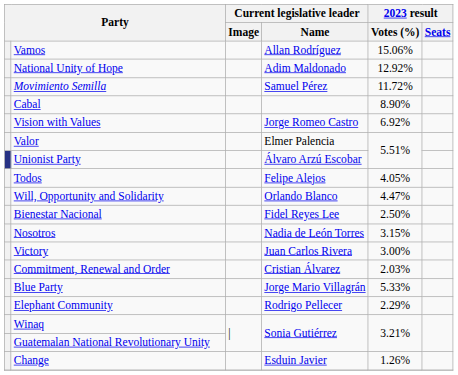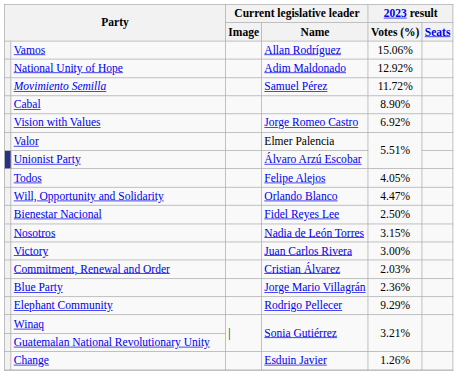 <table class="wikitable sortable">
 <tr>
 <th rowspan=2 colspan=2 width=300px>Party</th>
 <th colspan=2>Current legislative leader</th>
 <th colspan=2><a href='#'>2023</a> result</th>
 </tr>
 <tr>
 <th>Image</th>
 <th>Name</th>
 <th>Votes (%)</th>
 <th><a href='#'>Seats</a></th>
 </tr>
 <tr>
 <th style="background:"></th>
 <td><a href='#'>Vamos</a></td>
 <td></td>
 <td><a href='#'>Allan Rodríguez</a></td>
 <td align=center>15.06%</td>
 <td></td>
 </tr>
 <tr>
 <th style="background:"></th>
 <td><a href='#'>National Unity of Hope</a></td>
 <td></td>
 <td><a href='#'>Adim Maldonado</a></td>
 <td align=center>12.92%</td>
 <td></td>
 </tr>
 <tr>
 <th style="background:"></th>
 <td><em><a href='#'>Movimiento Semilla</a></em></td>
 <td></td>
 <td><a href='#'>Samuel Pérez</a></td>
 <td align=center>11.72%</td>
 <td></td>
 </tr>
 <tr>
 <th style="background:"></th>
 <td><a href='#'>Cabal</a></td>
 <td></td>
 <td></td>
 <td align=center>8.90%</td>
 <td></td>
 </tr>
 <tr>
 <th style="background:"></th>
 <td><a href='#'>Vision with Values</a></td>
 <td></td>
 <td><a href='#'>Jorge Romeo Castro</a></td>
 <td align=center>6.92%</td>
 <td></td>
 </tr>
 <tr>
 <th style="background:"></th>
 <td><a href='#'>Valor</a></td>
 <td></td>
 <td>Elmer Palencia</td>
 <td rowspan=2 align=center>5.51%</td>
 <td></td>
 </tr>
 <tr>
 <th style="background:#273284; width:2px;"></th>
 <td><a href='#'>Unionist Party</a></td>
 <td></td>
 <td><a href='#'>Álvaro Arzú Escobar</a></td>
 <td></td>
 </tr>
 <tr>
 <th style="background:"></th>
 <td><a href='#'>Todos</a></td>
 <td></td>
 <td><a href='#'>Felipe Alejos</a></td>
 <td align=center>4.05%</td>
 <td></td>
 </tr>
 <tr>
 <th style="background:"></th>
 <td><a href='#'>Will, Opportunity and Solidarity</a></td>
 <td></td>
 <td><a href='#'>Orlando Blanco</a></td>
 <td align=center>4.47%</td>
 <td></td>
 </tr>
 <tr>
 <th style="background:"></th>
 <td><a href='#'>Bienestar Nacional</a></td>
 <td></td>
 <td><a href='#'>Fidel Reyes Lee</a></td>
 <td align=center>2.50%</td>
 <td></td>
 </tr>
 <tr>
 <th style="background:"></th>
 <td><a href='#'>Nosotros</a></td>
 <td></td>
 <td><a href='#'>Nadia de León Torres</a></td>
 <td align=center>3.15%</td>
 <td></td>
 </tr>
 <tr>
 <th style="background:"></th>
 <td><a href='#'>Victory</a></td>
 <td></td>
 <td><a href='#'>Juan Carlos Rivera</a></td>
 <td align=center>3.00%</td>
 <td></td>
 </tr>
 <tr>
 <th style="background:"></th>
 <td><a href='#'>Commitment, Renewal and Order</a></td>
 <td></td>
 <td><a href='#'>Cristian Álvarez</a></td>
 <td align=center>2.03%</td>
 <td></td>
 </tr>
 <tr>
 <th style="background:"></th>
 <td><a href='#'>Blue Party</a></td>
 <td></td>
 <td><a href='#'>Jorge Mario Villagrán</a></td>
-<td align=center>5.33%</td>
+<td align=center>2.36%</td>
 <td></td>
 </tr>
 <tr>
 <th style="background:"></th>
 <td><a href='#'>Elephant Community</a></td>
 <td></td>
 <td><a href='#'>Rodrigo Pellecer</a></td>
-<td align=center>2.29%</td>
+<td align=center>9.29%</td>
 <td></td>
 </tr>
 <tr>
 <th style="background:"></th>
 <td><a href='#'>Winaq</a></td>
 <td rowspan=2>| </td>
 <td rowspan=2><a href='#'>Sonia Gutiérrez</a></td>
 <td rowspan=2 align=center>3.21%</td>
 <td rowspan=2></td>
 </tr>
 <tr>
 <th style="background:"></th>
 <td><a href='#'>Guatemalan National Revolutionary Unity</a></td>
 </tr>
 <tr>
 <th style="background:"></th>
 <td><a href='#'>Change</a></td>
 <td></td>
 <td><a href='#'>Esduin Javier</a></td>
 <td align=center>1.26%</td>
 <td></td>
 </tr>
 <tr>
 </tr>
 </table>
